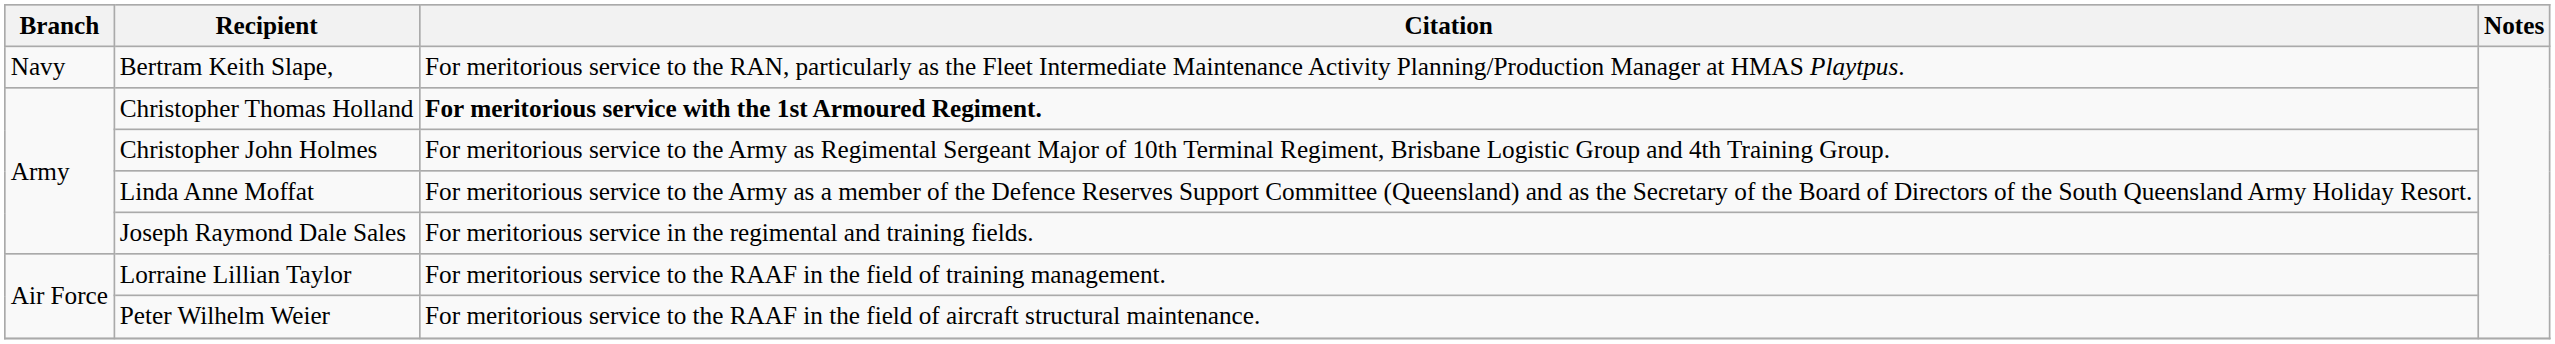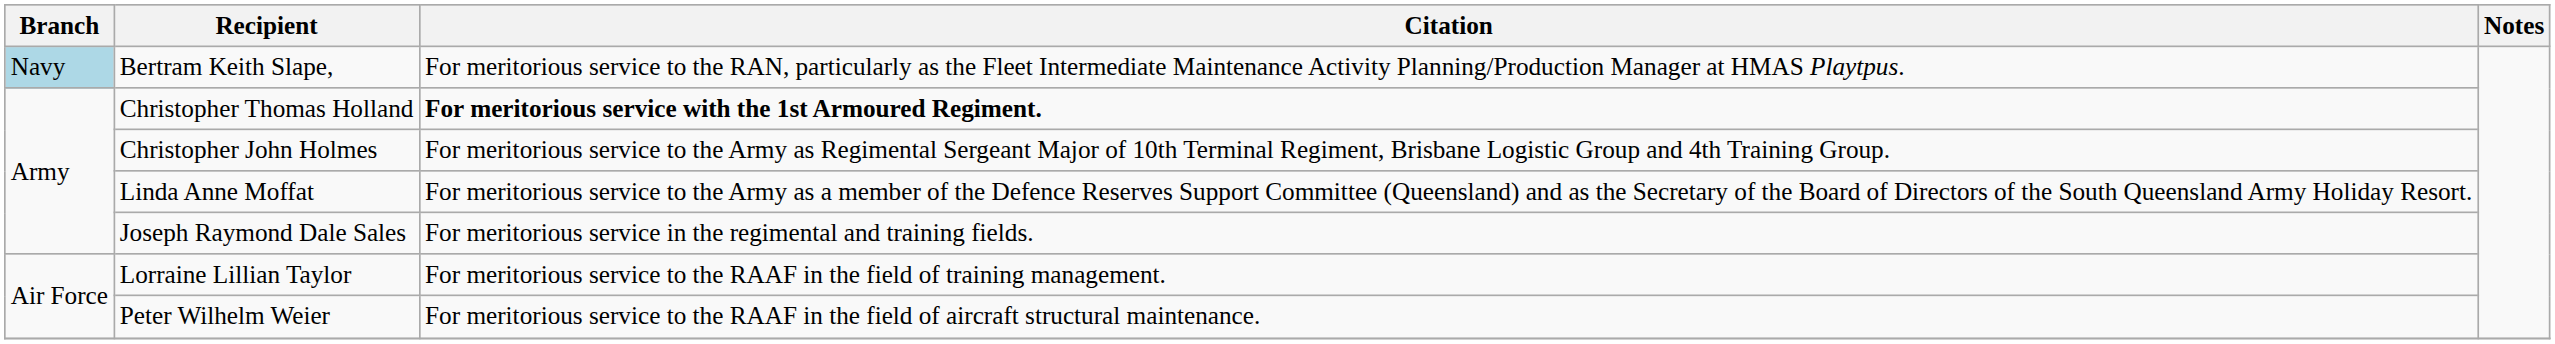 <table class="wikitable" style="font-size:95%;">
 <tr>
 <th>Branch</th>
 <th>Recipient</th>
 <th>Citation</th>
 <th>Notes</th>
 </tr>
 <tr>
-<td>Navy</td>
+<td style="background: lightblue;">Navy</td>
 <td> Bertram Keith Slape, </td>
 <td>For meritorious service to the RAN, particularly as the Fleet Intermediate Maintenance Activity Planning/Production Manager at HMAS <em>Playtpus</em>.</td>
 <td rowspan=7></td>
 </tr>
 <tr>
 <td rowspan=4>Army</td>
 <td> Christopher Thomas Holland</td>
 <td><strong>For meritorious service with the 1st Armoured Regiment.</strong></td>
 </tr>
 <tr>
 <td> Christopher John Holmes</td>
 <td>For meritorious service to the Army as Regimental Sergeant Major of 10th Terminal Regiment, Brisbane Logistic Group and 4th Training Group.</td>
 </tr>
 <tr>
 <td> Linda Anne Moffat</td>
 <td>For meritorious service to the Army as a member of the Defence Reserves Support Committee (Queensland) and as the Secretary of the Board of Directors of the South Queensland Army Holiday Resort.</td>
 </tr>
 <tr>
 <td> Joseph Raymond Dale Sales</td>
 <td>For meritorious service in the regimental and training fields.</td>
 </tr>
 <tr>
 <td rowspan=2>Air Force</td>
 <td> Lorraine Lillian Taylor</td>
 <td>For meritorious service to the RAAF in the field of training management.</td>
 </tr>
 <tr>
 <td> Peter Wilhelm Weier</td>
 <td>For meritorious service to the RAAF in the field of aircraft structural maintenance.</td>
 </tr>
 <tr>
 </tr>
 </table>
